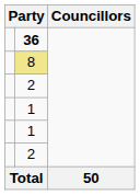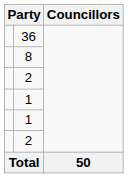 <table class="wikitable">
 <tr>
 <th colspan=2>Party</th>
 <th>Councillors</th>
 </tr>
 <tr>
 <td></td>
-<td align=center><strong>36</strong></td>
+<td align=center>36</td>
 </tr>
 <tr>
 <td></td>
-<td align=center style="background: khaki;">8</td>
+<td align=center>8</td>
 </tr>
 <tr>
 <td></td>
 <td align=center>2</td>
 </tr>
 <tr>
 <td></td>
 <td align=center>1</td>
 </tr>
 <tr>
 <td></td>
 <td align=center>1</td>
 </tr>
 <tr>
 <td></td>
 <td align=center>2</td>
 </tr>
 <tr>
 <th colspan=2>Total</th>
 <th>50</th>
 </tr>
 </table>
